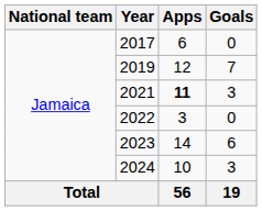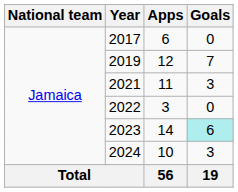 <table class="wikitable" style="text-align:center">
 <tr>
 <th>National team</th>
 <th>Year</th>
 <th>Apps</th>
 <th>Goals</th>
 </tr>
 <tr>
 <td rowspan="6"><a href='#'>Jamaica</a></td>
 <td>2017</td>
 <td>6</td>
 <td>0</td>
 </tr>
 <tr>
 <td>2019</td>
 <td>12</td>
 <td>7</td>
 </tr>
 <tr>
 <td>2021</td>
-<td><strong>11</strong></td>
+<td>11</td>
 <td>3</td>
 </tr>
 <tr>
 <td>2022</td>
 <td>3</td>
 <td>0</td>
 </tr>
 <tr>
 <td>2023</td>
 <td>14</td>
-<td>6</td>
+<td style="background: paleturquoise;">6</td>
 </tr>
 <tr>
 <td>2024</td>
 <td>10</td>
 <td>3</td>
 </tr>
 <tr>
 <th colspan="2">Total</th>
 <th>56</th>
 <th>19</th>
 </tr>
 </table>
